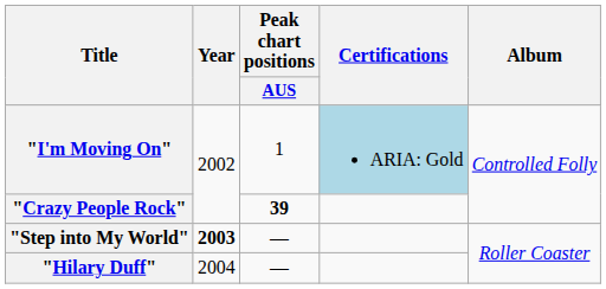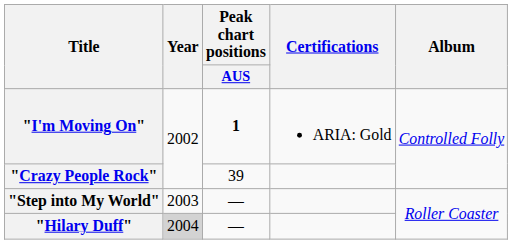 <table class="wikitable plainrowheaders" style="text-align:center;" border="1">
 <tr>
 <th scope="col" rowspan="2">Title</th>
 <th scope="col" rowspan="2">Year</th>
 <th scope="col" colspan="1">Peak chart positions</th>
 <th scope="col" rowspan="2"><a href='#'>Certifications</a></th>
 <th scope="col" rowspan="2">Album</th>
 </tr>
 <tr>
 <th scope="col" style="width:3em;font-size:90%;"><a href='#'>AUS</a><br></th>
 </tr>
 <tr>
 <th scope="row">"<a href='#'>I'm Moving On</a>"</th>
 <td rowspan="2">2002</td>
-<td>1</td>
-<td style="background: lightblue;"><br><ul><li>ARIA: Gold</li></ul></td>
+<td><strong>1</strong></td>
+<td><br><ul><li>ARIA: Gold</li></ul></td>
 <td rowspan="2"><em><a href='#'>Controlled Folly</a></em></td>
 </tr>
 <tr>
 <th scope="row">"<a href='#'>Crazy People Rock</a>"</th>
-<td><strong>39</strong></td>
+<td>39</td>
 <td></td>
 </tr>
 <tr>
 <th scope="row">"Step into My World"</th>
-<td><strong>2003</strong></td>
+<td>2003</td>
 <td>—</td>
 <td></td>
 <td rowspan="2"><em><a href='#'>Roller Coaster</a></em></td>
 </tr>
 <tr>
 <th scope="row">"<a href='#'>Hilary Duff</a>"</th>
-<td>2004</td>
+<td style="background: lightgrey;">2004</td>
 <td>—</td>
 <td></td>
 </tr>
 </table>
